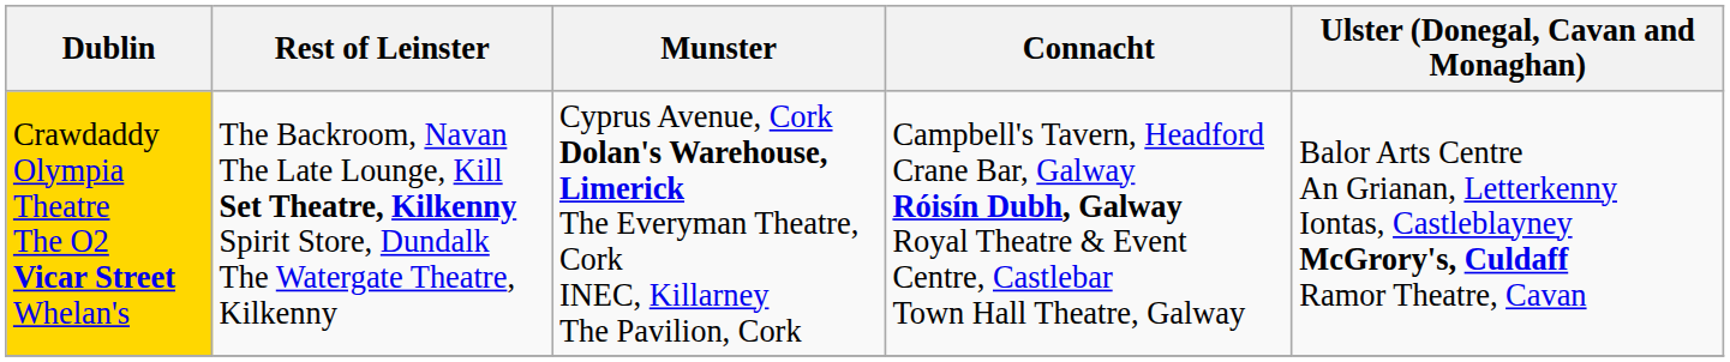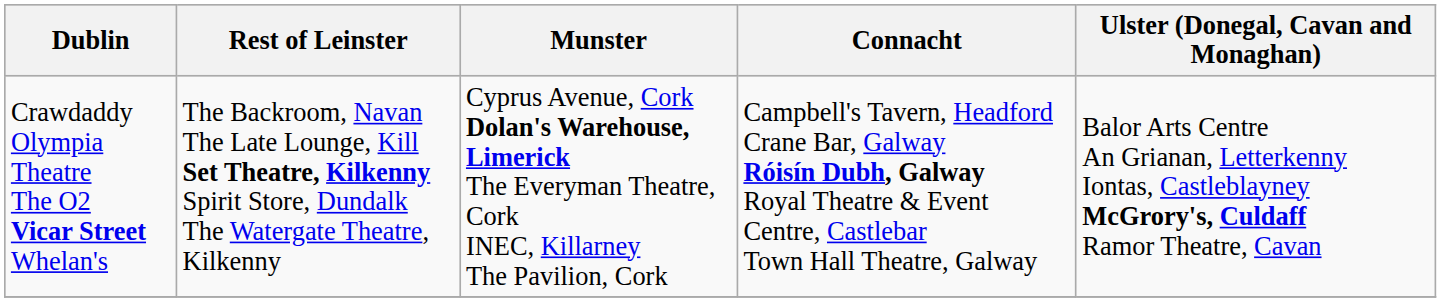 <table class="wikitable sortable">
 <tr>
 <th>Dublin</th>
 <th>Rest of Leinster</th>
 <th>Munster</th>
 <th>Connacht</th>
 <th>Ulster (Donegal, Cavan and Monaghan)</th>
 </tr>
 <tr>
-<td style="background: gold;">Crawdaddy <br> <a href='#'>Olympia Theatre</a> <br> <a href='#'>The O2</a> <br> <strong><a href='#'>Vicar Street</a></strong> <br> <a href='#'>Whelan's</a></td>
+<td>Crawdaddy <br> <a href='#'>Olympia Theatre</a> <br> <a href='#'>The O2</a> <br> <strong><a href='#'>Vicar Street</a></strong> <br> <a href='#'>Whelan's</a></td>
 <td>The Backroom, <a href='#'>Navan</a> <br> The Late Lounge, <a href='#'>Kill</a> <br> <strong>Set Theatre, <a href='#'>Kilkenny</a></strong> <br> Spirit Store, <a href='#'>Dundalk</a> <br> The <a href='#'>Watergate Theatre</a>, Kilkenny</td>
 <td>Cyprus Avenue, <a href='#'>Cork</a> <br> <strong>Dolan's Warehouse, <a href='#'>Limerick</a></strong> <br> The Everyman Theatre, Cork <br> INEC, <a href='#'>Killarney</a> <br> The Pavilion, Cork</td>
 <td>Campbell's Tavern, <a href='#'>Headford</a> <br> Crane Bar, <a href='#'>Galway</a> <br> <strong><a href='#'>Róisín Dubh</a>, Galway</strong> <br> Royal Theatre & Event Centre, <a href='#'>Castlebar</a> <br> Town Hall Theatre, Galway</td>
 <td>Balor Arts Centre <br> An Grianan, <a href='#'>Letterkenny</a> <br> Iontas, <a href='#'>Castleblayney</a> <br> <strong>McGrory's, <a href='#'>Culdaff</a></strong> <br> Ramor Theatre, <a href='#'>Cavan</a></td>
 </tr>
 <tr>
 </tr>
 </table>
